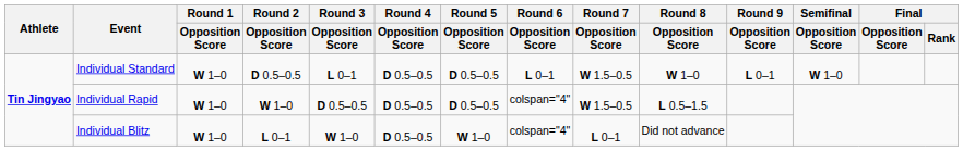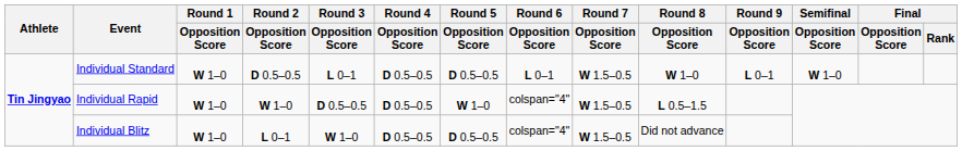 <table class="wikitable" style="font-size:90%">
 <tr>
 <th rowspan="2">Athlete</th>
 <th rowspan="2">Event</th>
 <th>Round 1</th>
 <th>Round 2</th>
 <th>Round 3</th>
 <th>Round 4</th>
 <th>Round 5</th>
 <th>Round 6</th>
 <th>Round 7</th>
 <th>Round 8</th>
 <th>Round 9</th>
 <th>Semifinal</th>
 <th colspan="2">Final</th>
 </tr>
 <tr style="font-size:70", align="center">
 <th>Opposition<br>Score</th>
 <th>Opposition<br>Score</th>
 <th>Opposition<br>Score</th>
 <th>Opposition<br>Score</th>
 <th>Opposition<br>Score</th>
 <th>Opposition<br>Score</th>
 <th>Opposition<br>Score</th>
 <th>Opposition<br>Score</th>
 <th>Opposition<br>Score</th>
 <th>Opposition<br>Score</th>
 <th>Opposition<br>Score</th>
 <th>Rank</th>
 </tr>
 <tr align="center">
 <td rowspan="3" align="left"><strong><a href='#'>Tin Jingyao</a></strong></td>
 <td align="left"><a href='#'>Individual Standard</a></td>
 <td><br><strong>W</strong> 1–0</td>
 <td><br><strong>D</strong> 0.5–0.5</td>
 <td><br><strong>L</strong> 0–1</td>
 <td><br><strong>D</strong> 0.5–0.5</td>
 <td><br><strong>D</strong> 0.5–0.5</td>
 <td><br><strong>L</strong> 0–1</td>
 <td><br><strong>W</strong> 1.5–0.5</td>
 <td><br><strong>W</strong> 1–0</td>
 <td><br><strong>L</strong> 0–1</td>
 <td><br><strong>W</strong> 1–0</td>
 <td></td>
 <td></td>
 </tr>
 <tr align="center">
 <td align="left"><a href='#'>Individual Rapid</a></td>
 <td><br><strong>W</strong> 1–0</td>
 <td><br><strong>W</strong> 1–0</td>
 <td><br><strong>D</strong> 0.5–0.5</td>
 <td><br><strong>D</strong> 0.5–0.5</td>
-<td><br><strong>D</strong> 0.5–0.5</td>
+<td><br><strong>W</strong> 1–0</td>
 <td>colspan="4" </td>
 <td><br><strong>W</strong> 1.5–0.5</td>
 <td><br><strong>L</strong> 0.5–1.5</td>
 <td></td>
 </tr>
 <tr align="center">
 <td align="left"><a href='#'>Individual Blitz</a></td>
 <td><br><strong>W</strong> 1–0</td>
 <td><br><strong>L</strong> 0–1</td>
 <td><br><strong>W</strong> 1–0</td>
 <td><br><strong>D</strong> 0.5–0.5</td>
-<td><br><strong>W</strong> 1–0</td>
+<td><br><strong>D</strong> 0.5–0.5</td>
 <td>colspan="4" </td>
-<td><br><strong>L</strong> 0–1</td>
+<td><br><strong>W</strong> 1.5–0.5</td>
 <td>Did not advance</td>
 <td></td>
 </tr>
 </table>
